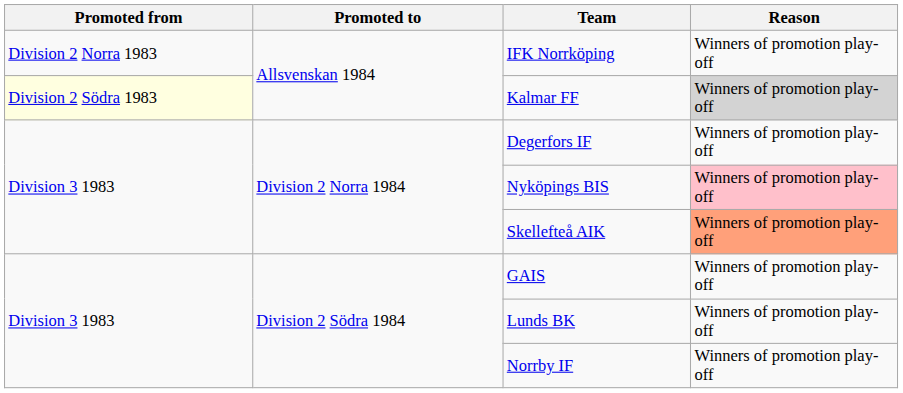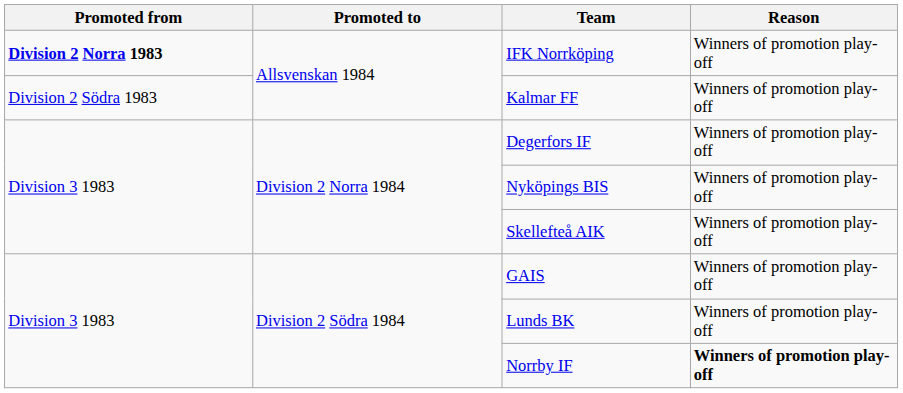 <table class="wikitable" style="text-align: left">
 <tr>
 <th style="width: 275px;">Promoted from</th>
 <th style="width: 275px;">Promoted to</th>
 <th style="width: 200px;">Team</th>
 <th style="width: 225px;">Reason</th>
 </tr>
 <tr>
-<td><a href='#'>Division 2</a> <a href='#'>Norra</a> 1983</td>
+<td><strong><a href='#'>Division 2</a> <a href='#'>Norra</a> 1983</strong></td>
 <td rowspan=2><a href='#'>Allsvenskan</a> 1984</td>
 <td><a href='#'>IFK Norrköping</a></td>
 <td>Winners of promotion play-off</td>
 </tr>
 <tr>
-<td style="background: lightyellow;"><a href='#'>Division 2</a> <a href='#'>Södra</a> 1983</td>
+<td><a href='#'>Division 2</a> <a href='#'>Södra</a> 1983</td>
 <td><a href='#'>Kalmar FF</a></td>
-<td style="background: lightgrey;">Winners of promotion play-off</td>
+<td>Winners of promotion play-off</td>
 </tr>
 <tr>
 <td rowspan=3><a href='#'>Division 3</a> 1983</td>
 <td rowspan=3><a href='#'>Division 2</a> <a href='#'>Norra</a> 1984</td>
 <td><a href='#'>Degerfors IF</a></td>
 <td>Winners of promotion play-off</td>
 </tr>
 <tr>
 <td><a href='#'>Nyköpings BIS</a></td>
-<td style="background: pink;">Winners of promotion play-off</td>
+<td>Winners of promotion play-off</td>
 </tr>
 <tr>
 <td><a href='#'>Skellefteå AIK</a></td>
-<td style="background: lightsalmon;">Winners of promotion play-off</td>
+<td>Winners of promotion play-off</td>
 </tr>
 <tr>
 <td rowspan=3><a href='#'>Division 3</a> 1983</td>
 <td rowspan=3><a href='#'>Division 2</a> <a href='#'>Södra</a> 1984</td>
 <td><a href='#'>GAIS</a></td>
 <td>Winners of promotion play-off</td>
 </tr>
 <tr>
 <td><a href='#'>Lunds BK</a></td>
 <td>Winners of promotion play-off</td>
 </tr>
 <tr>
 <td><a href='#'>Norrby IF</a></td>
-<td>Winners of promotion play-off</td>
+<td><strong>Winners of promotion play-off</strong></td>
 </tr>
 </table>
